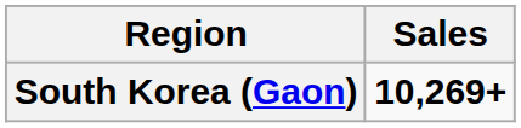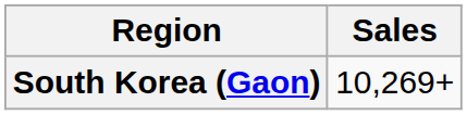 <table class="wikitable plainrowheaders" style="text-align:center;">
 <tr>
 <th>Region</th>
 <th>Sales</th>
 </tr>
 <tr>
 <th scope=row>South Korea (<a href='#'>Gaon</a>)</th>
-<td><strong>10,269+</strong></td>
+<td>10,269+</td>
 </tr>
 </table>
